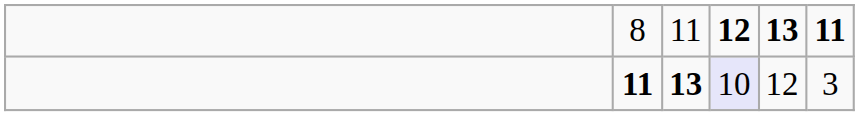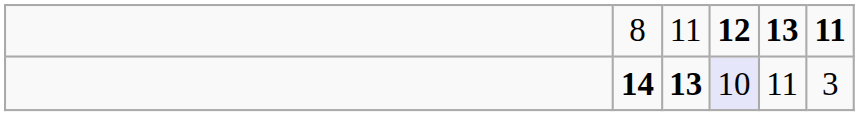 <table class="wikitable">
 <tr>
 <td style="width:18em"></td>
 <td align=center style="width:1em">8</td>
 <td align=center style="width:1em">11</td>
 <td align=center style="width:1em"><strong>12</strong></td>
 <td align=center style="width:1em"><strong>13</strong></td>
 <td align=center style="width:1em"><strong>11</strong></td>
 </tr>
 <tr>
 <td style="width:18em"></td>
-<td align=center style="width:1em"><strong>11</strong></td>
+<td align=center style="width:1em"><strong>14</strong></td>
 <td align=center style="width:1em"><strong>13</strong></td>
 <td align=center style="background: lavender; width:1em">10</td>
-<td align=center style="width:1em">12</td>
+<td align=center style="width:1em">11</td>
 <td align=center style="width:1em">3</td>
 </tr>
 </table>
